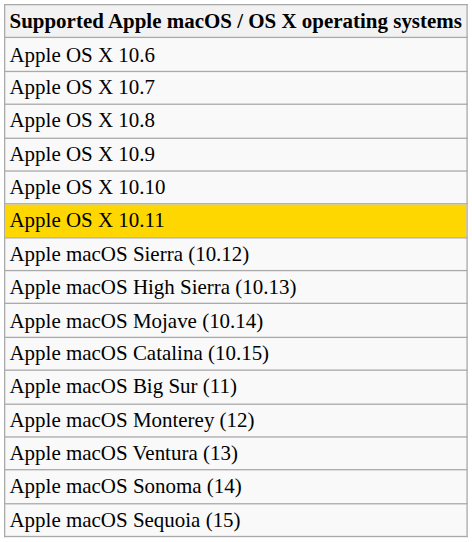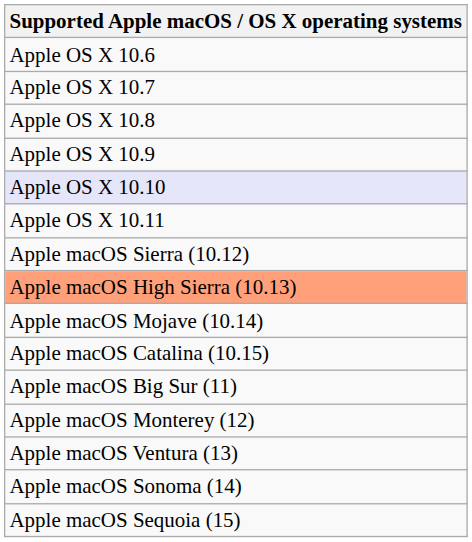 <table class="wikitable">
 <tr>
 <th>Supported Apple macOS / OS X operating systems</th>
 </tr>
 <tr>
 <td>Apple OS X 10.6</td>
 </tr>
 <tr>
 <td>Apple OS X 10.7</td>
 </tr>
 <tr>
 <td>Apple OS X 10.8</td>
 </tr>
 <tr>
 <td>Apple OS X 10.9</td>
 </tr>
 <tr>
-<td>Apple OS X 10.10</td>
+<td style="background: lavender;">Apple OS X 10.10</td>
 </tr>
 <tr>
-<td style="background: gold;">Apple OS X 10.11</td>
+<td>Apple OS X 10.11</td>
 </tr>
 <tr>
 <td>Apple macOS Sierra (10.12)</td>
 </tr>
 <tr>
-<td>Apple macOS High Sierra (10.13)</td>
+<td style="background: lightsalmon;">Apple macOS High Sierra (10.13)</td>
 </tr>
 <tr>
 <td>Apple macOS Mojave (10.14)</td>
 </tr>
 <tr>
 <td>Apple macOS Catalina (10.15)</td>
 </tr>
 <tr>
 <td>Apple macOS Big Sur (11)</td>
 </tr>
 <tr>
 <td>Apple macOS Monterey (12)</td>
 </tr>
 <tr>
 <td>Apple macOS Ventura (13)</td>
 </tr>
 <tr>
 <td>Apple macOS Sonoma (14)</td>
 </tr>
 <tr>
 <td>Apple macOS Sequoia (15)</td>
 </tr>
 </table>
